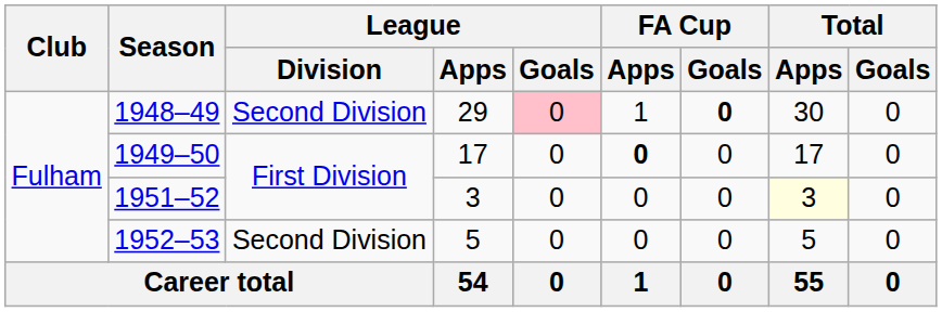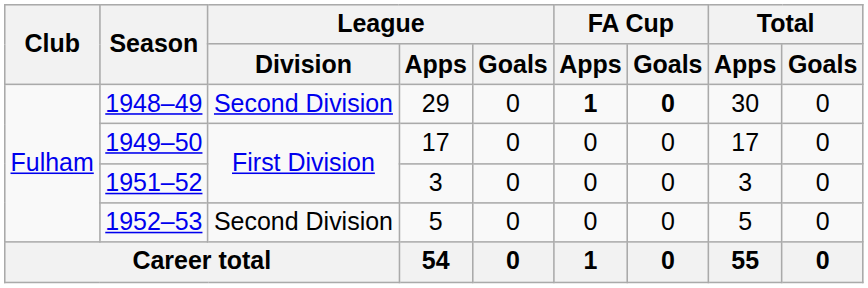 <table class="wikitable" style="text-align:center">
 <tr>
 <th rowspan="2">Club</th>
 <th rowspan="2">Season</th>
 <th colspan="3">League</th>
 <th colspan="2">FA Cup</th>
 <th colspan="2">Total</th>
 </tr>
 <tr>
 <th>Division</th>
 <th>Apps</th>
 <th>Goals</th>
 <th>Apps</th>
 <th>Goals</th>
 <th>Apps</th>
 <th>Goals</th>
 </tr>
 <tr>
 <td rowspan="4"><a href='#'>Fulham</a></td>
 <td><a href='#'>1948–49</a></td>
 <td><a href='#'>Second Division</a></td>
 <td>29</td>
-<td style="background: pink;">0</td>
-<td>1</td>
+<td>0</td>
+<td><strong>1</strong></td>
 <td><strong>0</strong></td>
 <td>30</td>
 <td>0</td>
 </tr>
 <tr>
 <td><a href='#'>1949–50</a></td>
 <td rowspan="2"><a href='#'>First Division</a></td>
 <td>17</td>
 <td>0</td>
-<td><strong>0</strong></td>
+<td>0</td>
 <td>0</td>
 <td>17</td>
 <td>0</td>
 </tr>
 <tr>
 <td><a href='#'>1951–52</a></td>
 <td>3</td>
 <td>0</td>
 <td>0</td>
 <td>0</td>
-<td style="background: lightyellow;">3</td>
+<td>3</td>
 <td>0</td>
 </tr>
 <tr>
 <td><a href='#'>1952–53</a></td>
 <td>Second Division</td>
 <td>5</td>
 <td>0</td>
 <td>0</td>
 <td>0</td>
 <td>5</td>
 <td>0</td>
 </tr>
 <tr>
 <th colspan="3">Career total</th>
 <th>54</th>
 <th>0</th>
 <th>1</th>
 <th>0</th>
 <th>55</th>
 <th>0</th>
 </tr>
 </table>
